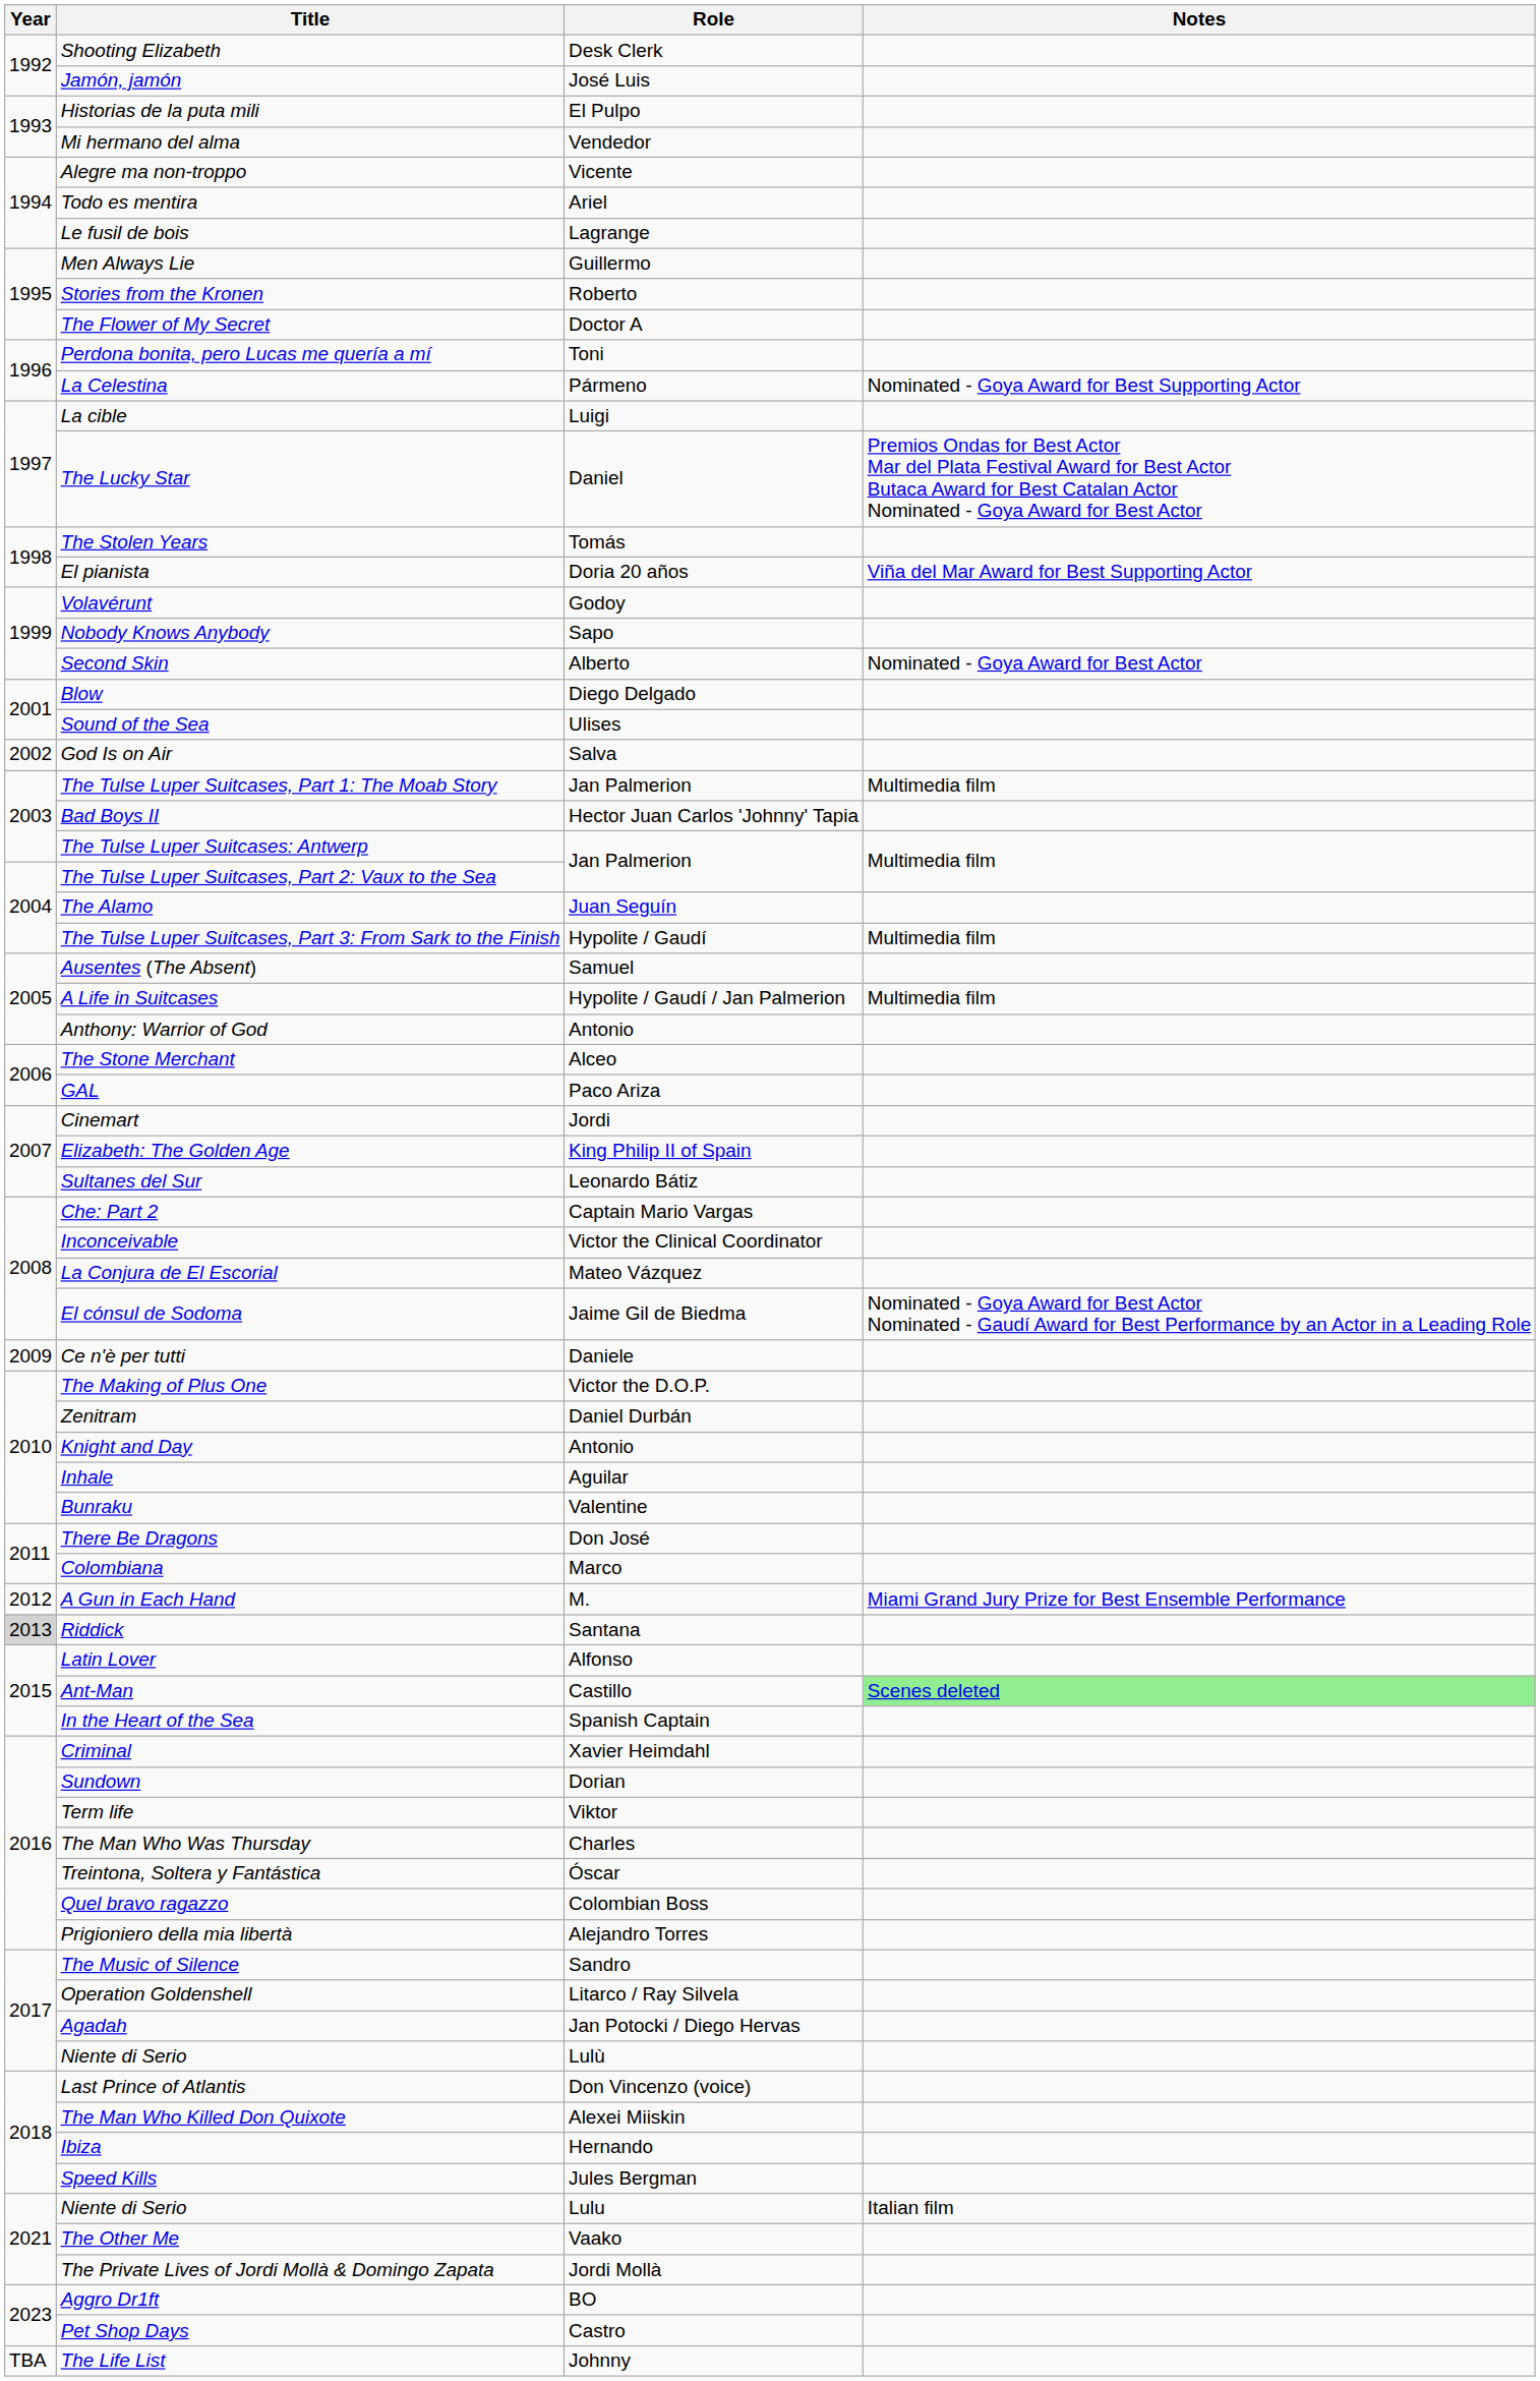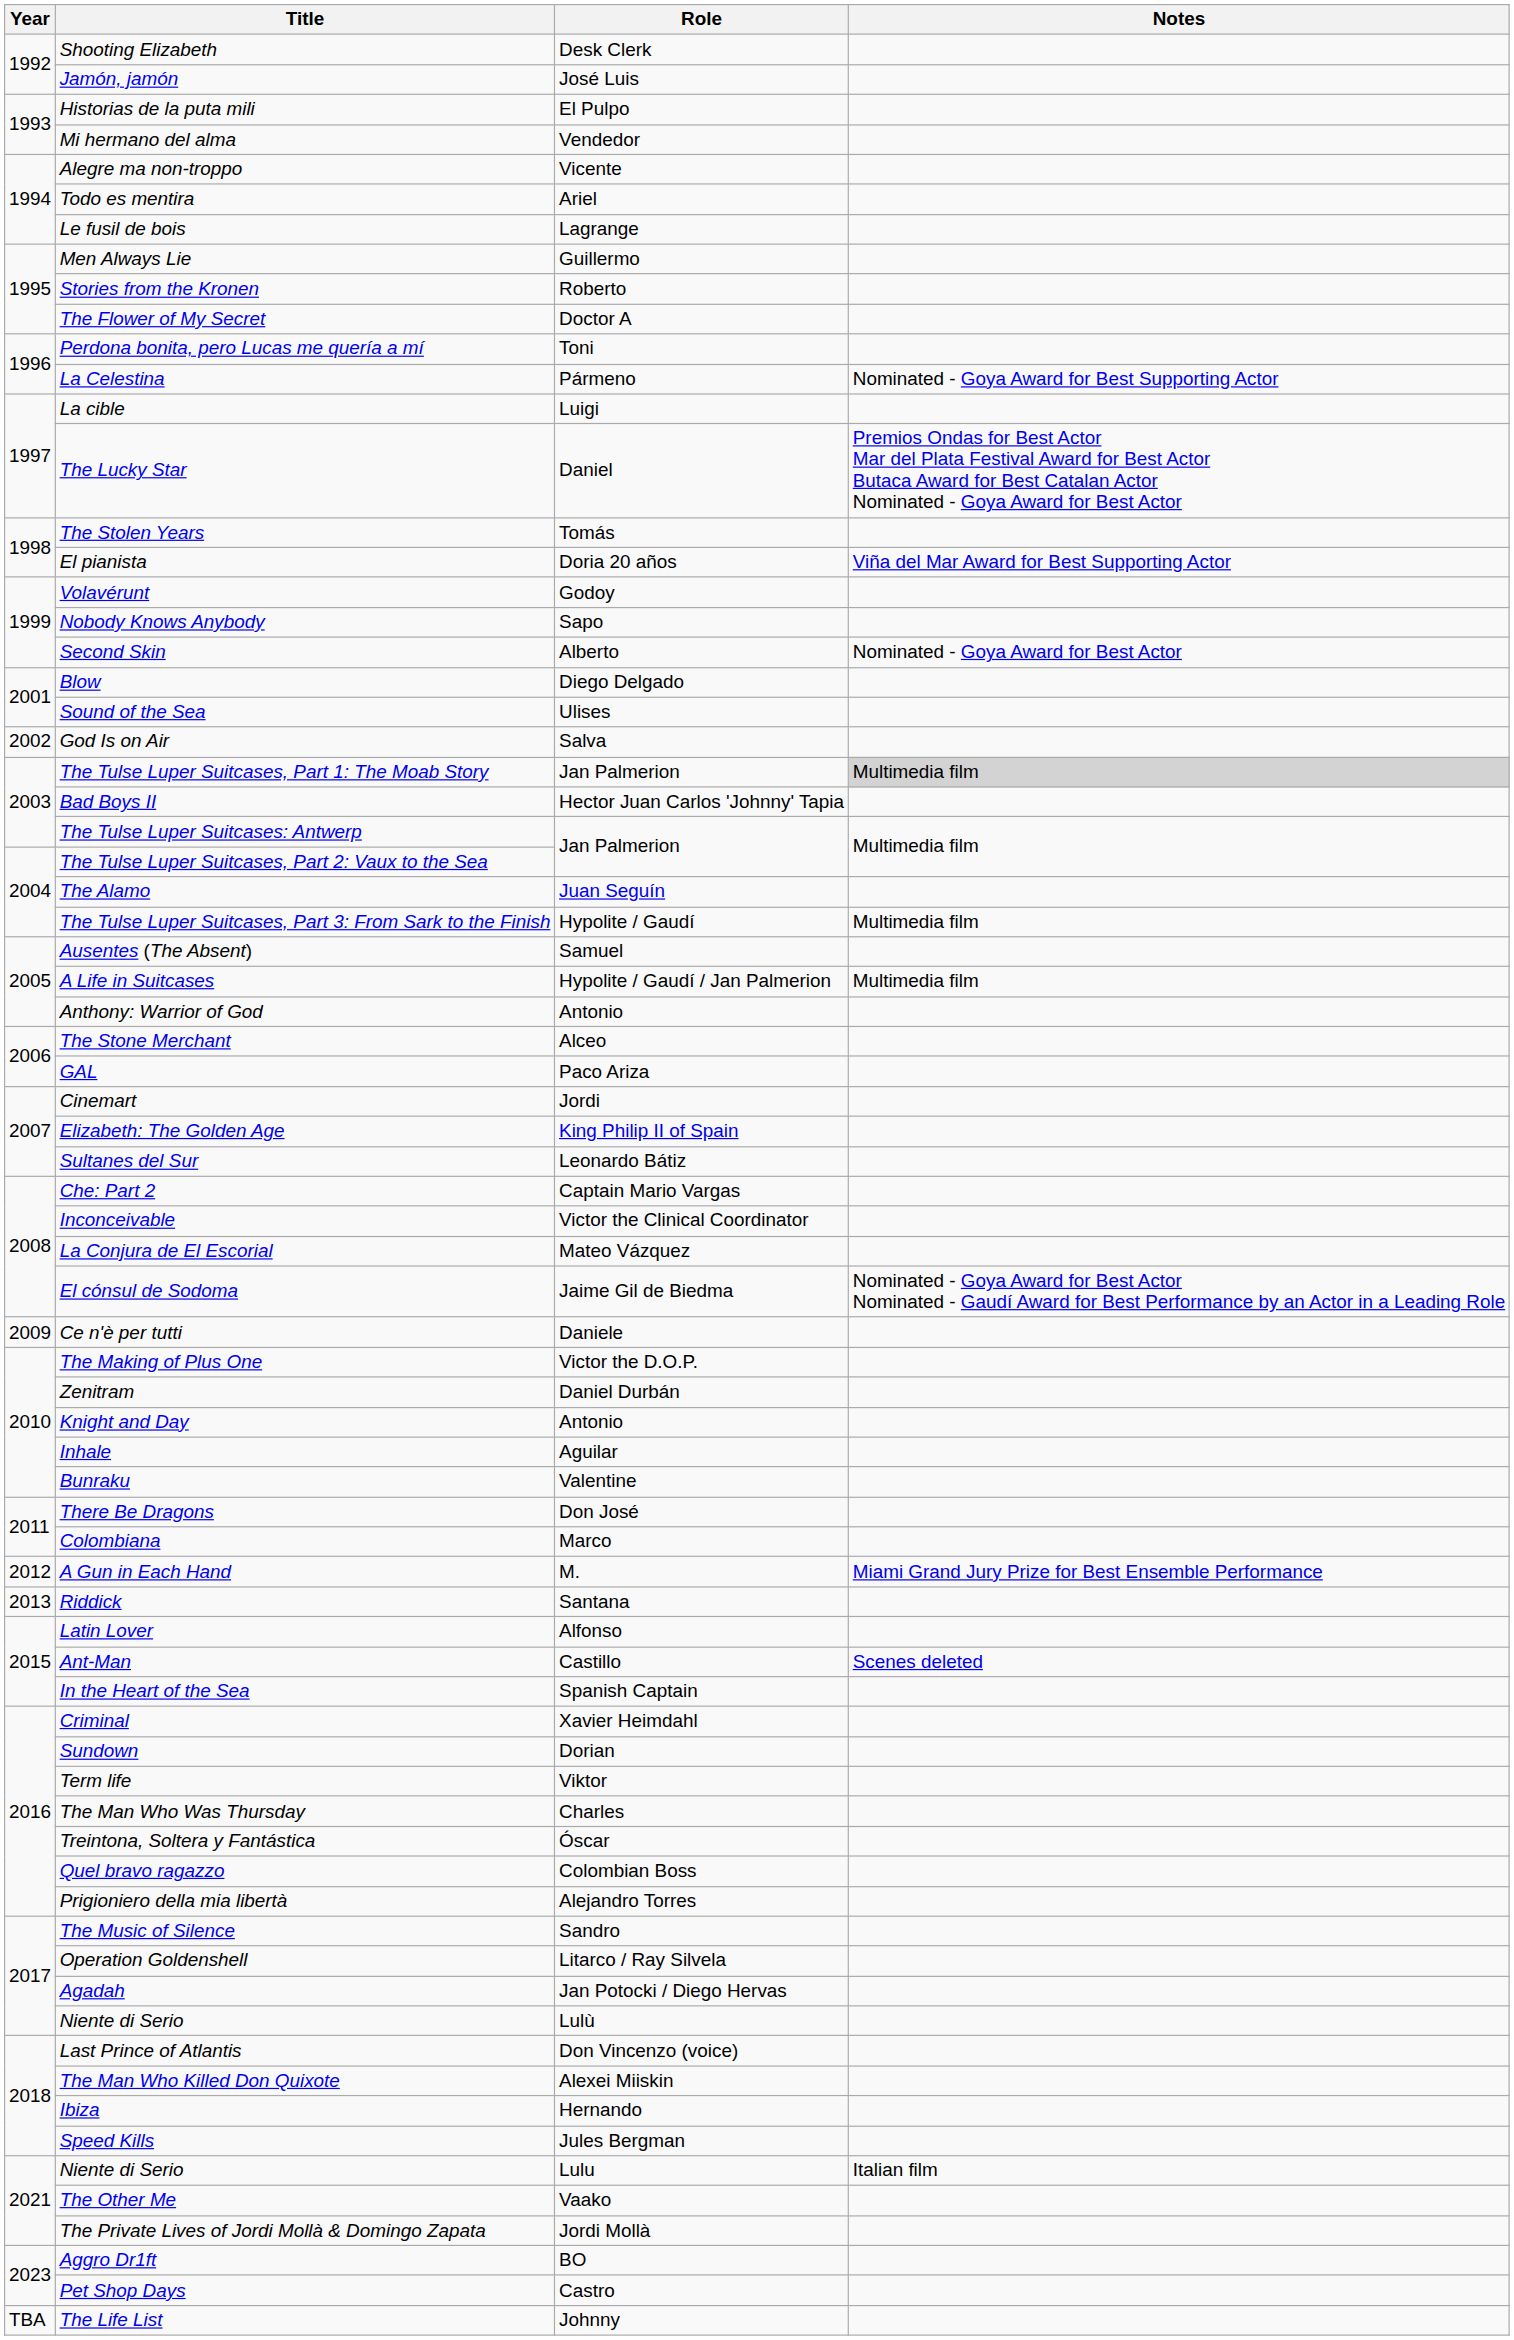 <table class = "wikitable sortable">
 <tr>
 <th>Year</th>
 <th>Title</th>
 <th>Role</th>
 <th class="unsortable">Notes</th>
 </tr>
 <tr>
 <td rowspan="2">1992</td>
 <td><em>Shooting Elizabeth</em></td>
 <td>Desk Clerk</td>
 <td></td>
 </tr>
 <tr>
 <td><em><a href='#'>Jamón, jamón</a></em></td>
 <td>José Luis</td>
 <td></td>
 </tr>
 <tr>
 <td rowspan="2">1993</td>
 <td><em>Historias de la puta mili</em></td>
 <td>El Pulpo</td>
 <td></td>
 </tr>
 <tr>
 <td><em>Mi hermano del alma</em></td>
 <td>Vendedor</td>
 <td></td>
 </tr>
 <tr>
 <td rowspan="3">1994</td>
 <td><em>Alegre ma non-troppo</em></td>
 <td>Vicente</td>
 <td></td>
 </tr>
 <tr>
 <td><em>Todo es mentira</em></td>
 <td>Ariel</td>
 <td></td>
 </tr>
 <tr>
 <td><em>Le fusil de bois</em></td>
 <td>Lagrange</td>
 <td></td>
 </tr>
 <tr>
 <td rowspan="3">1995</td>
 <td><em>Men Always Lie</em></td>
 <td>Guillermo</td>
 <td></td>
 </tr>
 <tr>
 <td><em><a href='#'>Stories from the Kronen</a></em></td>
 <td>Roberto</td>
 <td></td>
 </tr>
 <tr>
 <td><em><a href='#'>The Flower of My Secret</a></em></td>
 <td>Doctor A</td>
 <td></td>
 </tr>
 <tr>
 <td rowspan="2">1996</td>
 <td><em><a href='#'>Perdona bonita, pero Lucas me quería a mí</a></em></td>
 <td>Toni</td>
 <td></td>
 </tr>
 <tr>
 <td><em><a href='#'>La Celestina</a></em></td>
 <td>Pármeno</td>
 <td>Nominated - <a href='#'>Goya Award for Best Supporting Actor</a></td>
 </tr>
 <tr>
 <td rowspan="2">1997</td>
 <td><em>La cible</em></td>
 <td>Luigi</td>
 <td></td>
 </tr>
 <tr>
 <td><em><a href='#'>The Lucky Star</a></em></td>
 <td>Daniel</td>
 <td><a href='#'>Premios Ondas for Best Actor</a><br><a href='#'>Mar del Plata Festival Award for Best Actor</a><br><a href='#'>Butaca Award for Best Catalan Actor</a><br>Nominated - <a href='#'>Goya Award for Best Actor</a></td>
 </tr>
 <tr>
 <td rowspan="2">1998</td>
 <td><em><a href='#'>The Stolen Years</a></em></td>
 <td>Tomás</td>
 <td></td>
 </tr>
 <tr>
 <td><em>El pianista</em></td>
 <td>Doria 20 años</td>
 <td><a href='#'>Viña del Mar Award for Best Supporting Actor</a></td>
 </tr>
 <tr>
 <td rowspan="3">1999</td>
 <td><em><a href='#'>Volavérunt</a></em></td>
 <td>Godoy</td>
 <td></td>
 </tr>
 <tr>
 <td><em><a href='#'>Nobody Knows Anybody</a></em></td>
 <td>Sapo</td>
 <td></td>
 </tr>
 <tr>
 <td><em><a href='#'>Second Skin</a></em></td>
 <td>Alberto</td>
 <td>Nominated - <a href='#'>Goya Award for Best Actor</a></td>
 </tr>
 <tr>
 <td rowspan="2">2001</td>
 <td><em><a href='#'>Blow</a></em></td>
 <td>Diego Delgado</td>
 <td></td>
 </tr>
 <tr>
 <td><em><a href='#'>Sound of the Sea</a></em></td>
 <td>Ulises</td>
 <td></td>
 </tr>
 <tr>
 <td>2002</td>
 <td><em>God Is on Air</em></td>
 <td>Salva</td>
 <td></td>
 </tr>
 <tr>
 <td rowspan="3">2003</td>
 <td><em><a href='#'>The Tulse Luper Suitcases, Part 1: The Moab Story</a></em></td>
 <td>Jan Palmerion</td>
-<td>Multimedia film</td>
+<td style="background: lightgrey;">Multimedia film</td>
 </tr>
 <tr>
 <td><em><a href='#'>Bad Boys II</a></em></td>
 <td>Hector Juan Carlos 'Johnny' Tapia</td>
 <td></td>
 </tr>
 <tr>
 <td><em><a href='#'>The Tulse Luper Suitcases: Antwerp</a></em></td>
 <td rowspan="2">Jan Palmerion</td>
 <td rowspan="2">Multimedia film</td>
 </tr>
 <tr>
 <td rowspan="3">2004</td>
 <td><em><a href='#'>The Tulse Luper Suitcases, Part 2: Vaux to the Sea</a></em></td>
 </tr>
 <tr>
 <td><em><a href='#'>The Alamo</a></em></td>
 <td><a href='#'>Juan Seguín</a></td>
 <td></td>
 </tr>
 <tr>
 <td><em><a href='#'>The Tulse Luper Suitcases, Part 3: From Sark to the Finish</a></em></td>
 <td>Hypolite / Gaudí</td>
 <td>Multimedia film</td>
 </tr>
 <tr>
 <td rowspan="3">2005</td>
 <td><em><a href='#'>Ausentes</a></em> (<em>The Absent</em>)</td>
 <td>Samuel</td>
 <td></td>
 </tr>
 <tr>
 <td><em><a href='#'>A Life in Suitcases</a></em></td>
 <td>Hypolite / Gaudí / Jan Palmerion</td>
 <td>Multimedia film</td>
 </tr>
 <tr>
 <td><em>Anthony: Warrior of God</em></td>
 <td>Antonio</td>
 <td></td>
 </tr>
 <tr>
 <td rowspan="2">2006</td>
 <td><em><a href='#'>The Stone Merchant</a></em></td>
 <td>Alceo</td>
 <td></td>
 </tr>
 <tr>
 <td><em><a href='#'>GAL</a></em></td>
 <td>Paco Ariza</td>
 <td></td>
 </tr>
 <tr>
 <td rowspan="3">2007</td>
 <td><em>Cinemart</em></td>
 <td>Jordi</td>
 <td></td>
 </tr>
 <tr>
 <td><em><a href='#'>Elizabeth: The Golden Age</a></em></td>
 <td><a href='#'>King Philip II of Spain</a></td>
 <td></td>
 </tr>
 <tr>
 <td><em><a href='#'>Sultanes del Sur</a></em></td>
 <td>Leonardo Bátiz</td>
 <td></td>
 </tr>
 <tr>
 <td rowspan="4">2008</td>
 <td><em><a href='#'>Che: Part 2</a></em></td>
 <td>Captain Mario Vargas</td>
 <td></td>
 </tr>
 <tr>
 <td><em><a href='#'>Inconceivable</a></em></td>
 <td>Victor the Clinical Coordinator</td>
 <td></td>
 </tr>
 <tr>
 <td><em><a href='#'>La Conjura de El Escorial</a></em></td>
 <td>Mateo Vázquez</td>
 <td></td>
 </tr>
 <tr>
 <td><em><a href='#'>El cónsul de Sodoma</a></em></td>
 <td>Jaime Gil de Biedma</td>
 <td>Nominated - <a href='#'>Goya Award for Best Actor</a><br>Nominated - <a href='#'>Gaudí Award for Best Performance by an Actor in a Leading Role</a></td>
 </tr>
 <tr>
 <td>2009</td>
 <td><em>Ce n'è per tutti</em></td>
 <td>Daniele</td>
 <td></td>
 </tr>
 <tr>
 <td rowspan="5">2010</td>
 <td><em><a href='#'>The Making of Plus One</a></em></td>
 <td>Victor the D.O.P.</td>
 <td></td>
 </tr>
 <tr>
 <td><em>Zenitram</em></td>
 <td>Daniel Durbán</td>
 <td></td>
 </tr>
 <tr>
 <td><em><a href='#'>Knight and Day</a></em></td>
 <td>Antonio</td>
 <td></td>
 </tr>
 <tr>
 <td><em><a href='#'>Inhale</a></em></td>
 <td>Aguilar</td>
 <td></td>
 </tr>
 <tr>
 <td><em><a href='#'>Bunraku</a></em></td>
 <td>Valentine</td>
 <td></td>
 </tr>
 <tr>
 <td rowspan="2">2011</td>
 <td><em><a href='#'>There Be Dragons</a></em></td>
 <td>Don José</td>
 <td></td>
 </tr>
 <tr>
 <td><em><a href='#'>Colombiana</a></em></td>
 <td>Marco</td>
 <td></td>
 </tr>
 <tr>
 <td>2012</td>
 <td><em><a href='#'>A Gun in Each Hand</a></em></td>
 <td>M.</td>
 <td><a href='#'>Miami Grand Jury Prize for Best Ensemble Performance</a></td>
 </tr>
 <tr>
-<td style="background: lightgrey;">2013</td>
+<td>2013</td>
 <td><em><a href='#'>Riddick</a></em></td>
 <td>Santana</td>
 <td></td>
 </tr>
 <tr>
 <td rowspan="3">2015</td>
 <td><em><a href='#'>Latin Lover</a></em></td>
 <td>Alfonso</td>
 <td></td>
 </tr>
 <tr>
 <td><em><a href='#'>Ant-Man</a></em></td>
 <td>Castillo</td>
-<td style="background: lightgreen;"><a href='#'>Scenes deleted</a></td>
+<td><a href='#'>Scenes deleted</a></td>
 </tr>
 <tr>
 <td><em><a href='#'>In the Heart of the Sea</a></em></td>
 <td>Spanish Captain</td>
 <td></td>
 </tr>
 <tr>
 <td rowspan="7">2016</td>
 <td><em><a href='#'>Criminal</a></em></td>
 <td>Xavier Heimdahl</td>
 <td></td>
 </tr>
 <tr>
 <td><em><a href='#'>Sundown</a></em></td>
 <td>Dorian</td>
 <td></td>
 </tr>
 <tr>
 <td><em>Term life</em></td>
 <td>Viktor</td>
 <td></td>
 </tr>
 <tr>
 <td><em>The Man Who Was Thursday</em></td>
 <td>Charles</td>
 <td></td>
 </tr>
 <tr>
 <td><em>Treintona, Soltera y Fantástica</em></td>
 <td>Óscar</td>
 <td></td>
 </tr>
 <tr>
 <td><em><a href='#'>Quel bravo ragazzo</a></em></td>
 <td>Colombian Boss</td>
 <td></td>
 </tr>
 <tr>
 <td><em>Prigioniero della mia libertà</em></td>
 <td>Alejandro Torres</td>
 <td></td>
 </tr>
 <tr>
 <td rowspan="4">2017</td>
 <td><em><a href='#'>The Music of Silence</a></em></td>
 <td>Sandro</td>
 <td></td>
 </tr>
 <tr>
 <td><em>Operation Goldenshell</em></td>
 <td>Litarco / Ray Silvela</td>
 <td></td>
 </tr>
 <tr>
 <td><em><a href='#'>Agadah</a></em></td>
 <td>Jan Potocki / Diego Hervas</td>
 <td></td>
 </tr>
 <tr>
 <td><em>Niente di Serio</em></td>
 <td>Lulù</td>
 <td></td>
 </tr>
 <tr>
 <td rowspan="4">2018</td>
 <td><em>Last Prince of Atlantis</em></td>
 <td>Don Vincenzo (voice)</td>
 <td></td>
 </tr>
 <tr>
 <td><em><a href='#'>The Man Who Killed Don Quixote</a></em></td>
 <td>Alexei Miiskin</td>
 <td></td>
 </tr>
 <tr>
 <td><em><a href='#'>Ibiza</a></em></td>
 <td>Hernando</td>
 <td></td>
 </tr>
 <tr>
 <td><em><a href='#'>Speed Kills</a></em></td>
 <td>Jules Bergman</td>
 <td></td>
 </tr>
 <tr>
 <td rowspan="3">2021</td>
 <td><em>Niente di Serio</em></td>
 <td>Lulu</td>
 <td>Italian film</td>
 </tr>
 <tr>
 <td><em><a href='#'>The Other Me</a></em></td>
 <td>Vaako</td>
 <td></td>
 </tr>
 <tr>
 <td><em>The Private Lives of Jordi Mollà & Domingo Zapata</em></td>
 <td>Jordi Mollà</td>
 <td></td>
 </tr>
 <tr>
 <td rowspan="2">2023</td>
 <td><em><a href='#'>Aggro Dr1ft</a></em></td>
 <td>BO</td>
 <td></td>
 </tr>
 <tr>
 <td><em><a href='#'>Pet Shop Days</a></em></td>
 <td>Castro</td>
 <td></td>
 </tr>
 <tr>
 <td rowspan="1">TBA</td>
 <td><em><a href='#'>The Life List</a></em></td>
 <td>Johnny</td>
 </tr>
 </table>
